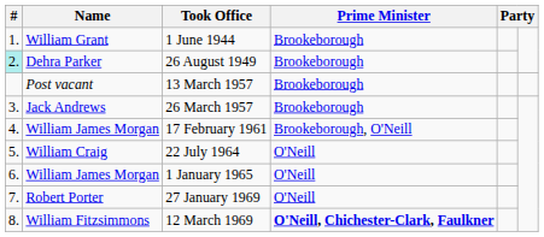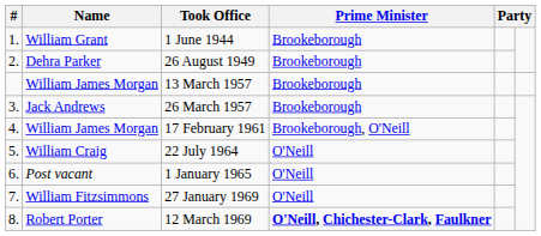 <table class="wikitable">
 <tr>
 <th>#</th>
 <th>Name</th>
 <th>Took Office</th>
 <th><a href='#'>Prime Minister</a></th>
 <th colspan=2>Party</th>
 </tr>
 <tr>
 <td>1.</td>
 <td><a href='#'>William Grant</a></td>
 <td>1 June 1944</td>
 <td><a href='#'>Brookeborough</a></td>
 <td></td>
 </tr>
 <tr>
-<td style="background: paleturquoise;">2.</td>
+<td>2.</td>
 <td><a href='#'>Dehra Parker</a></td>
 <td>26 August 1949</td>
 <td><a href='#'>Brookeborough</a></td>
 <td></td>
 </tr>
 <tr>
 <td></td>
-<td><em>Post vacant</em></td>
+<td><a href='#'>William James Morgan</a></td>
 <td>13 March 1957</td>
 <td><a href='#'>Brookeborough</a></td>
 <td></td>
 <td></td>
 </tr>
 <tr>
 <td>3.</td>
 <td><a href='#'>Jack Andrews</a></td>
 <td>26 March 1957</td>
 <td><a href='#'>Brookeborough</a></td>
 <td></td>
 </tr>
 <tr>
 <td>4.</td>
 <td><a href='#'>William James Morgan</a></td>
 <td>17 February 1961</td>
 <td><a href='#'>Brookeborough</a>, <a href='#'>O'Neill</a></td>
 <td></td>
 </tr>
 <tr>
 <td>5.</td>
 <td><a href='#'>William Craig</a></td>
 <td>22 July 1964</td>
 <td><a href='#'>O'Neill</a></td>
 <td></td>
 </tr>
 <tr>
 <td>6.</td>
-<td><a href='#'>William James Morgan</a></td>
+<td><em>Post vacant</em></td>
 <td>1 January 1965</td>
 <td><a href='#'>O'Neill</a></td>
 <td></td>
 </tr>
 <tr>
 <td>7.</td>
-<td><a href='#'>Robert Porter</a></td>
+<td><a href='#'>William Fitzsimmons</a></td>
 <td>27 January 1969</td>
 <td><a href='#'>O'Neill</a></td>
 <td></td>
 </tr>
 <tr>
 <td>8.</td>
-<td><a href='#'>William Fitzsimmons</a></td>
+<td><a href='#'>Robert Porter</a></td>
 <td>12 March 1969</td>
 <td><strong><a href='#'>O'Neill</a>, <a href='#'>Chichester-Clark</a>, <a href='#'>Faulkner</a></strong></td>
 <td></td>
 </tr>
 </table>
